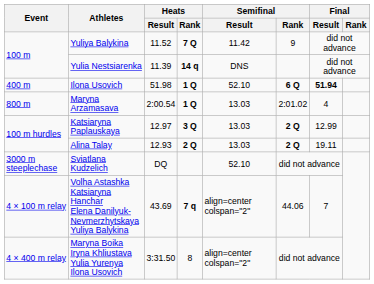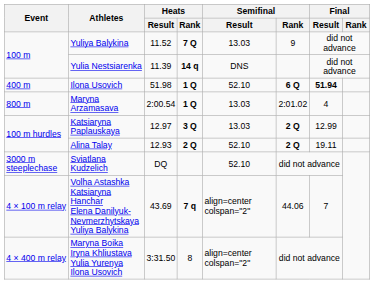 <table class="wikitable" border="1" style="font-size:90%">
 <tr>
 <th rowspan="2" width=100>Event</th>
 <th rowspan="2" width=120>Athletes</th>
 <th colspan="2">Heats</th>
 <th colspan="2">Semifinal</th>
 <th colspan="2">Final</th>
 </tr>
 <tr>
 <th>Result</th>
 <th>Rank</th>
 <th>Result</th>
 <th>Rank</th>
 <th>Result</th>
 <th>Rank</th>
 </tr>
 <tr>
 <td rowspan=2><a href='#'>100 m</a></td>
 <td><a href='#'>Yuliya Balykina</a></td>
 <td align=center>11.52</td>
 <td align=center><strong>7 Q</strong></td>
-<td align=center>11.42</td>
+<td align=center>13.03</td>
 <td align=center>9</td>
 <td align=center colspan="2">did not advance</td>
 </tr>
 <tr>
 <td><a href='#'>Yulia Nestsiarenka</a></td>
 <td align=center>11.39</td>
 <td align=center><strong>14 q</strong></td>
 <td align=center>DNS</td>
 <td align=center></td>
 <td align=center colspan="2">did not advance</td>
 </tr>
 <tr>
 <td><a href='#'>400 m</a></td>
 <td><a href='#'>Ilona Usovich</a></td>
 <td align=center>51.98</td>
 <td align=center><strong>1 Q</strong></td>
 <td align=center>52.10</td>
 <td align=center><strong>6 Q</strong></td>
 <td align=center><strong>51.94</strong></td>
 <td align=center></td>
 </tr>
 <tr>
 <td><a href='#'>800 m</a></td>
 <td><a href='#'>Maryna Arzamasava</a></td>
 <td align=center>2:00.54</td>
 <td align=center><strong>1 Q</strong></td>
 <td align=center>13.03</td>
 <td align=center>2:01.02</td>
 <td align=center>4</td>
 </tr>
 <tr>
 <td rowspan=2><a href='#'>100 m hurdles</a></td>
 <td><a href='#'>Katsiaryna Paplauskaya</a></td>
 <td align=center>12.97</td>
 <td align=center><strong>3 Q</strong></td>
 <td align=center>13.03</td>
 <td align=center><strong>2 Q</strong></td>
 <td align=center>12.99</td>
 <td align=center></td>
 </tr>
 <tr>
 <td><a href='#'>Alina Talay</a></td>
 <td align=center>12.93</td>
 <td align=center><strong>2 Q</strong></td>
-<td align=center>13.03</td>
+<td align=center>52.10</td>
 <td align=center><strong>2 Q</strong></td>
 <td align=center>19.11</td>
 <td align=center></td>
 </tr>
 <tr>
 <td><a href='#'>3000 m steeplechase</a></td>
 <td><a href='#'>Sviatlana Kudzelich</a></td>
 <td align=center>DQ</td>
 <td align=center></td>
 <td align=center>52.10</td>
 <td align=center colspan="2">did not advance</td>
 </tr>
 <tr>
 <td><a href='#'>4 × 100 m relay</a></td>
 <td><a href='#'>Volha Astashka</a><br><a href='#'>Katsiaryna Hanchar</a><br><a href='#'>Elena Danilyuk-Nevmerzhytskaya</a><br><a href='#'>Yuliya Balykina</a></td>
 <td align=center>43.69</td>
 <td align=center><strong>7 q</strong></td>
 <td>align=center colspan="2" </td>
 <td align=center>44.06</td>
 <td align=center>7</td>
 </tr>
 <tr>
 <td><a href='#'>4 × 400 m relay</a></td>
 <td><a href='#'>Maryna Boika</a><br><a href='#'>Iryna Khliustava</a><br><a href='#'>Yulia Yurenya</a><br><a href='#'>Ilona Usovich</a></td>
 <td align=center>3:31.50</td>
 <td align=center>8</td>
 <td>align=center colspan="2" </td>
 <td align=center colspan="2">did not advance</td>
 </tr>
 </table>
